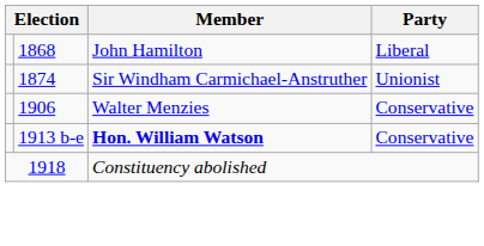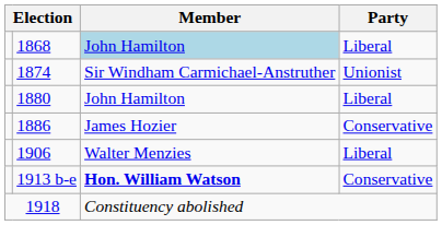 <table class="wikitable">
 <tr>
 <th colspan="2">Election</th>
 <th>Member</th>
 <th>Party</th>
 </tr>
 <tr>
 <td style="color:inherit;background-color: "></td>
 <td><a href='#'>1868</a></td>
-<td><a href='#'>John Hamilton</a></td>
+<td style="background: lightblue;"><a href='#'>John Hamilton</a></td>
 <td><a href='#'>Liberal</a></td>
 </tr>
 <tr>
 <td style="color:inherit;background-color: "></td>
 <td><a href='#'>1874</a></td>
 <td><a href='#'>Sir Windham Carmichael-Anstruther</a></td>
 <td><a href='#'>Unionist</a></td>
 </tr>
 <tr>
 <td style="color:inherit;background-color: "></td>
+<td><a href='#'>1880</a></td>
+<td><a href='#'>John Hamilton</a></td>
+<td><a href='#'>Liberal</a></td>
+</tr>
+<tr>
+<td style="color:inherit;background-color: "></td>
+<td><a href='#'>1886</a></td>
+<td><a href='#'>James Hozier</a></td>
+<td><a href='#'>Conservative</a></td>
+</tr>
+<tr>
+<td style="color:inherit;background-color: "></td>
 <td><a href='#'>1906</a></td>
 <td><a href='#'>Walter Menzies</a></td>
-<td><a href='#'>Conservative</a></td>
+<td><a href='#'>Liberal</a></td>
 </tr>
 <tr>
 <td style="color:inherit;background-color: "></td>
 <td><a href='#'>1913 b-e</a></td>
 <td><strong><a href='#'>Hon. William Watson</a></strong></td>
 <td><a href='#'>Conservative</a></td>
 </tr>
 <tr>
 <td colspan="2" align="center"><a href='#'>1918</a></td>
 <td colspan="2"><em>Constituency abolished</em></td>
 </tr>
 </table>
